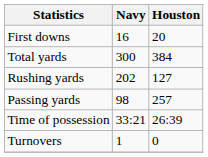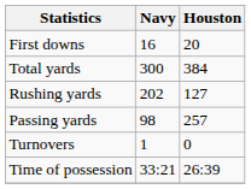 <table class="wikitable">
 <tr>
 <th>Statistics</th>
 <th>Navy</th>
 <th>Houston</th>
 </tr>
 <tr>
 <td>First downs</td>
 <td>16</td>
 <td>20</td>
 </tr>
 <tr>
 <td>Total yards</td>
 <td>300</td>
 <td>384</td>
 </tr>
 <tr>
 <td>Rushing yards</td>
 <td>202</td>
 <td>127</td>
 </tr>
 <tr>
 <td>Passing yards</td>
 <td>98</td>
 <td>257</td>
 </tr>
 <tr>
+<td>Turnovers</td>
+<td>1</td>
+<td>0</td>
+</tr>
+<tr>
 <td>Time of possession</td>
 <td>33:21</td>
 <td>26:39</td>
 </tr>
 <tr>
-<td>Turnovers</td>
-<td>1</td>
-<td>0</td>
-</tr>
-<tr>
 </tr>
 </table>
